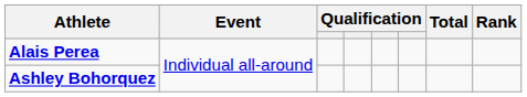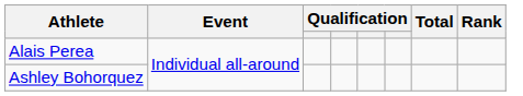 <table class="wikitable" style="font-size:90%">
 <tr>
 <th rowspan=2>Athlete</th>
 <th rowspan=2>Event</th>
 <th colspan=4>Qualification</th>
 <th rowspan=2>Total</th>
 <th rowspan=2>Rank</th>
 </tr>
 <tr style="font-size:95%">
 <th></th>
 <th></th>
 <th></th>
 <th></th>
 </tr>
 <tr align=center>
-<td align=left><strong><a href='#'>Alais Perea</a></strong></td>
+<td align=left><a href='#'>Alais Perea</a></td>
 <td align=left rowspan=2><a href='#'>Individual all-around</a></td>
 <td></td>
 <td></td>
 <td></td>
 <td></td>
 <td></td>
 <td></td>
 </tr>
 <tr align=center>
-<td align=left><strong><a href='#'>Ashley Bohorquez</a></strong></td>
+<td align=left><a href='#'>Ashley Bohorquez</a></td>
 <td></td>
 <td></td>
 <td></td>
 <td></td>
 <td></td>
 <td></td>
 </tr>
 </table>
